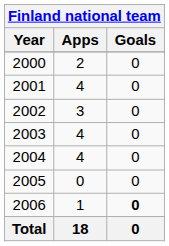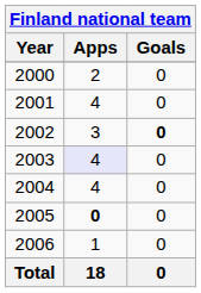 <table class="wikitable" style="text-align:center">
 <tr>
 <th colspan=3><a href='#'>Finland national team</a></th>
 </tr>
 <tr>
 <th>Year</th>
 <th>Apps</th>
 <th>Goals</th>
 </tr>
 <tr>
 </tr>
 <tr>
 <td>2000</td>
 <td>2</td>
 <td>0</td>
 </tr>
 <tr>
 <td>2001</td>
 <td>4</td>
 <td>0</td>
 </tr>
 <tr>
 <td>2002</td>
 <td>3</td>
-<td>0</td>
+<td><strong>0</strong></td>
 </tr>
 <tr>
 <td>2003</td>
-<td>4</td>
+<td style="background: lavender;">4</td>
 <td>0</td>
 </tr>
 <tr>
 <td>2004</td>
 <td>4</td>
 <td>0</td>
 </tr>
 <tr>
 <td>2005</td>
-<td>0</td>
+<td><strong>0</strong></td>
 <td>0</td>
 </tr>
 <tr>
 <td>2006</td>
 <td>1</td>
-<td><strong>0</strong></td>
+<td>0</td>
 </tr>
 <tr>
 <th>Total</th>
 <th>18</th>
 <th>0</th>
 </tr>
 </table>
